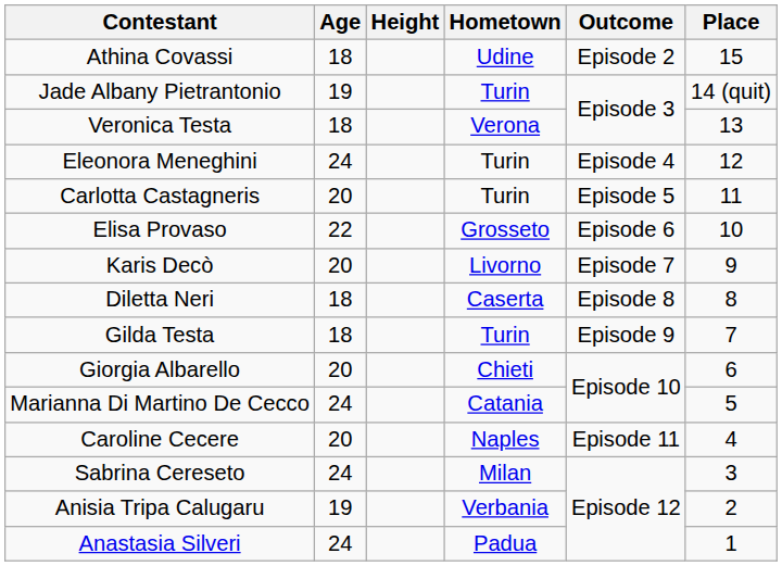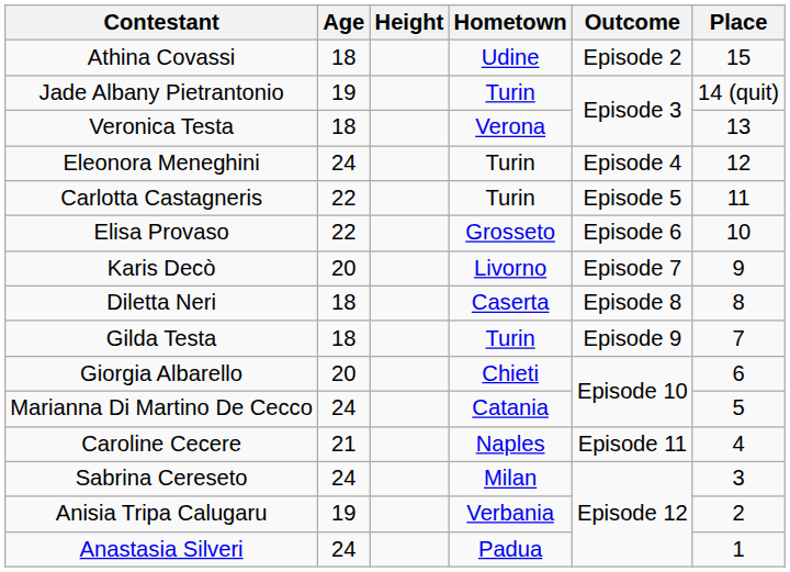 <table class="wikitable sortable" style="text-align:center;">
 <tr>
 <th>Contestant</th>
 <th>Age</th>
 <th>Height</th>
 <th>Hometown</th>
 <th>Outcome</th>
 <th>Place</th>
 </tr>
 <tr>
 <td>Athina Covassi</td>
 <td>18</td>
 <td></td>
 <td><a href='#'>Udine</a></td>
 <td>Episode 2</td>
 <td>15</td>
 </tr>
 <tr>
 <td>Jade Albany Pietrantonio</td>
 <td>19</td>
 <td></td>
 <td><a href='#'>Turin</a></td>
 <td rowspan="2">Episode 3</td>
 <td>14 (quit)</td>
 </tr>
 <tr>
 <td>Veronica Testa</td>
 <td>18</td>
 <td></td>
 <td><a href='#'>Verona</a></td>
 <td>13</td>
 </tr>
 <tr>
 <td>Eleonora Meneghini</td>
 <td>24</td>
 <td></td>
 <td>Turin</td>
 <td>Episode 4</td>
 <td>12</td>
 </tr>
 <tr>
 <td>Carlotta Castagneris</td>
-<td>20</td>
+<td>22</td>
 <td></td>
 <td>Turin</td>
 <td>Episode 5</td>
 <td>11</td>
 </tr>
 <tr>
 <td>Elisa Provaso</td>
 <td>22</td>
 <td></td>
 <td><a href='#'>Grosseto</a></td>
 <td>Episode 6</td>
 <td>10</td>
 </tr>
 <tr>
 <td>Karis Decò</td>
 <td>20</td>
 <td></td>
 <td><a href='#'>Livorno</a></td>
 <td>Episode 7</td>
 <td>9</td>
 </tr>
 <tr>
 <td>Diletta Neri</td>
 <td>18</td>
 <td></td>
 <td><a href='#'>Caserta</a></td>
 <td>Episode 8</td>
 <td>8</td>
 </tr>
 <tr>
 <td>Gilda Testa</td>
 <td>18</td>
 <td></td>
 <td><a href='#'>Turin</a></td>
 <td>Episode 9</td>
 <td>7</td>
 </tr>
 <tr>
 <td>Giorgia Albarello</td>
 <td>20</td>
 <td></td>
 <td><a href='#'>Chieti</a></td>
 <td rowspan="2">Episode 10</td>
 <td>6</td>
 </tr>
 <tr>
 <td>Marianna Di Martino De Cecco</td>
 <td>24</td>
 <td></td>
 <td><a href='#'>Catania</a></td>
 <td>5</td>
 </tr>
 <tr>
 <td>Caroline Cecere</td>
-<td>20</td>
+<td>21</td>
 <td></td>
 <td><a href='#'>Naples</a></td>
 <td>Episode 11</td>
 <td>4</td>
 </tr>
 <tr>
 <td>Sabrina Cereseto</td>
 <td>24</td>
 <td></td>
 <td><a href='#'>Milan</a></td>
 <td rowspan="3">Episode 12</td>
 <td>3</td>
 </tr>
 <tr>
 <td>Anisia Tripa Calugaru</td>
 <td>19</td>
 <td></td>
 <td><a href='#'>Verbania</a></td>
 <td>2</td>
 </tr>
 <tr>
 <td><a href='#'>Anastasia Silveri</a></td>
 <td>24</td>
 <td></td>
 <td><a href='#'>Padua</a></td>
 <td>1</td>
 </tr>
 </table>
